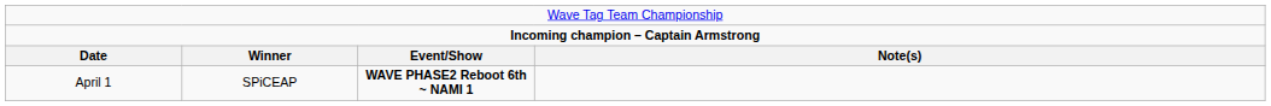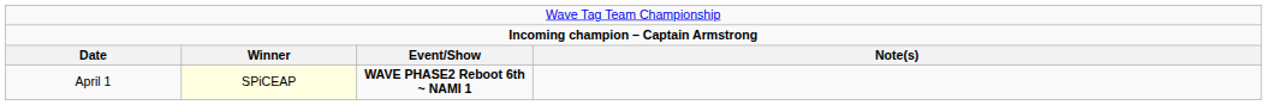 <table class="wikitable" style="text-align:center; width:100%;">
 <tr>
 <td colspan="4" style="text-align: center;"><a href='#'>Wave Tag Team Championship</a></td>
 </tr>
 <tr>
 <td colspan="4" style="text-align: center;"><strong>Incoming champion – Captain Armstrong </strong></td>
 </tr>
 <tr>
 <th width="14%">Date</th>
 <th width="14%">Winner</th>
 <th width="14%">Event/Show</th>
 <th width="58%">Note(s)</th>
 </tr>
 <tr>
 <td>April 1</td>
-<td>SPiCEAP<br></td>
+<td style="background: lightyellow;">SPiCEAP<br></td>
 <td><strong>WAVE PHASE2 Reboot 6th ~ NAMI 1</strong></td>
 <td></td>
 </tr>
 </table>
